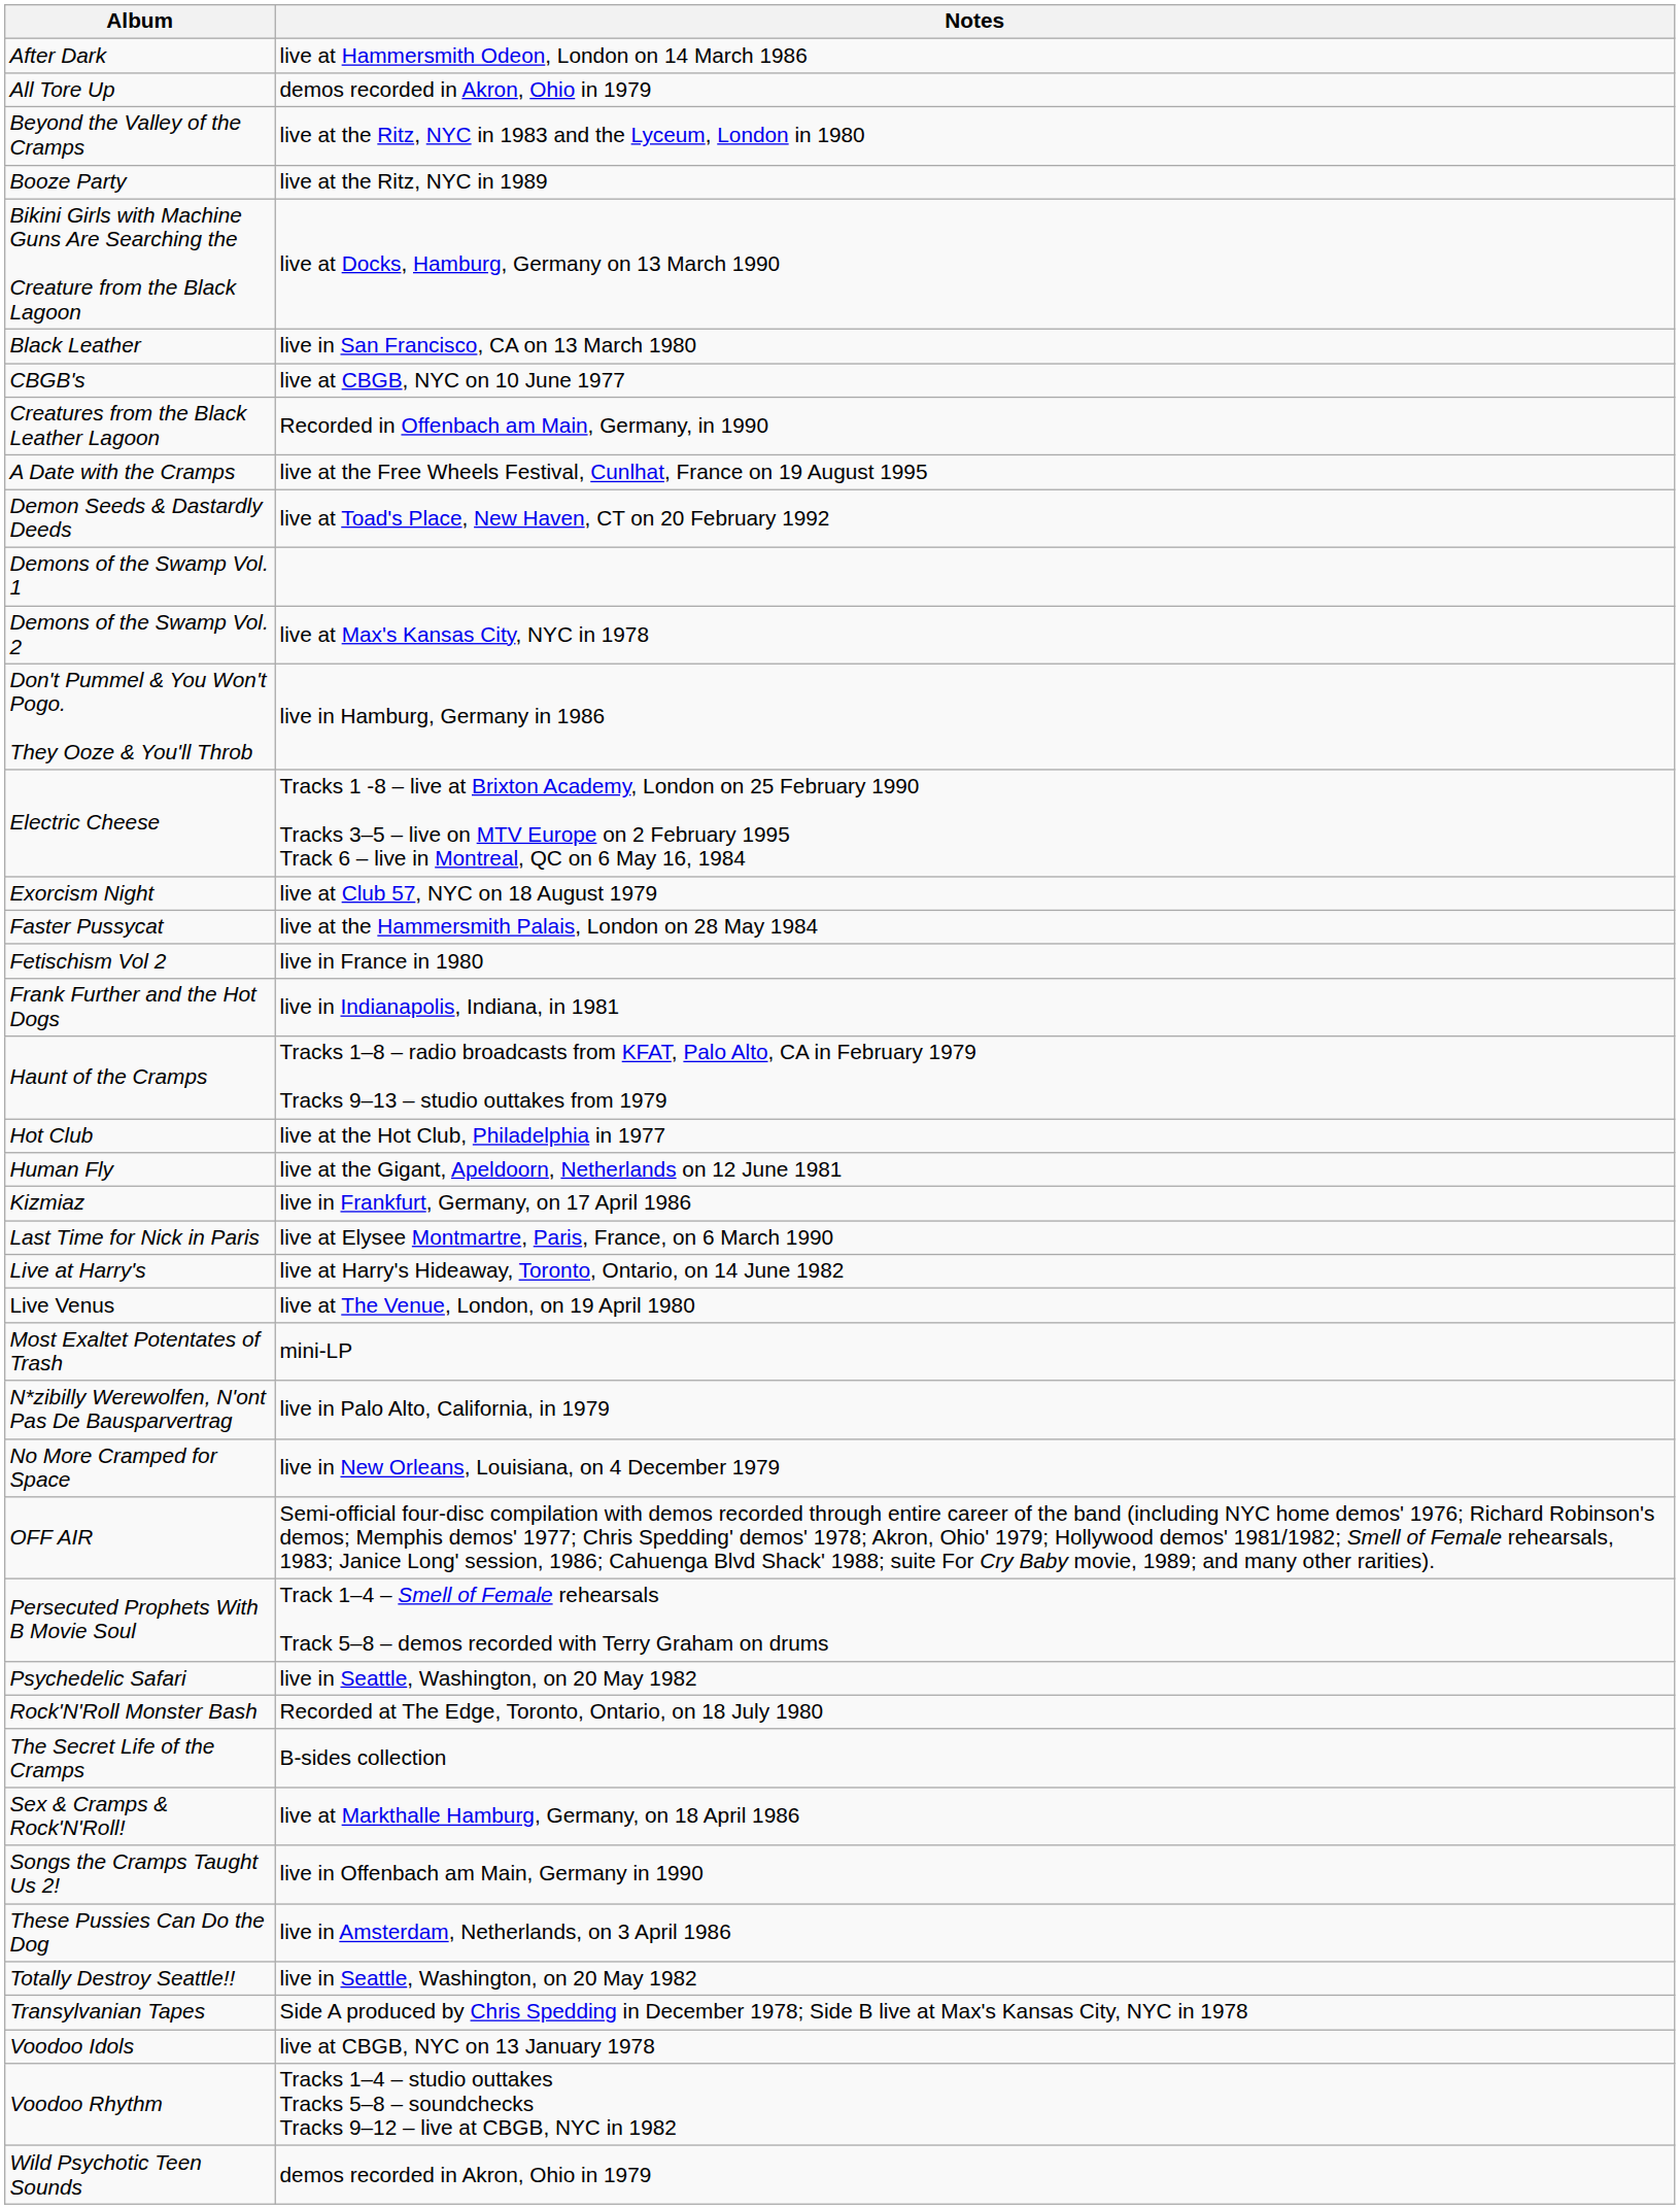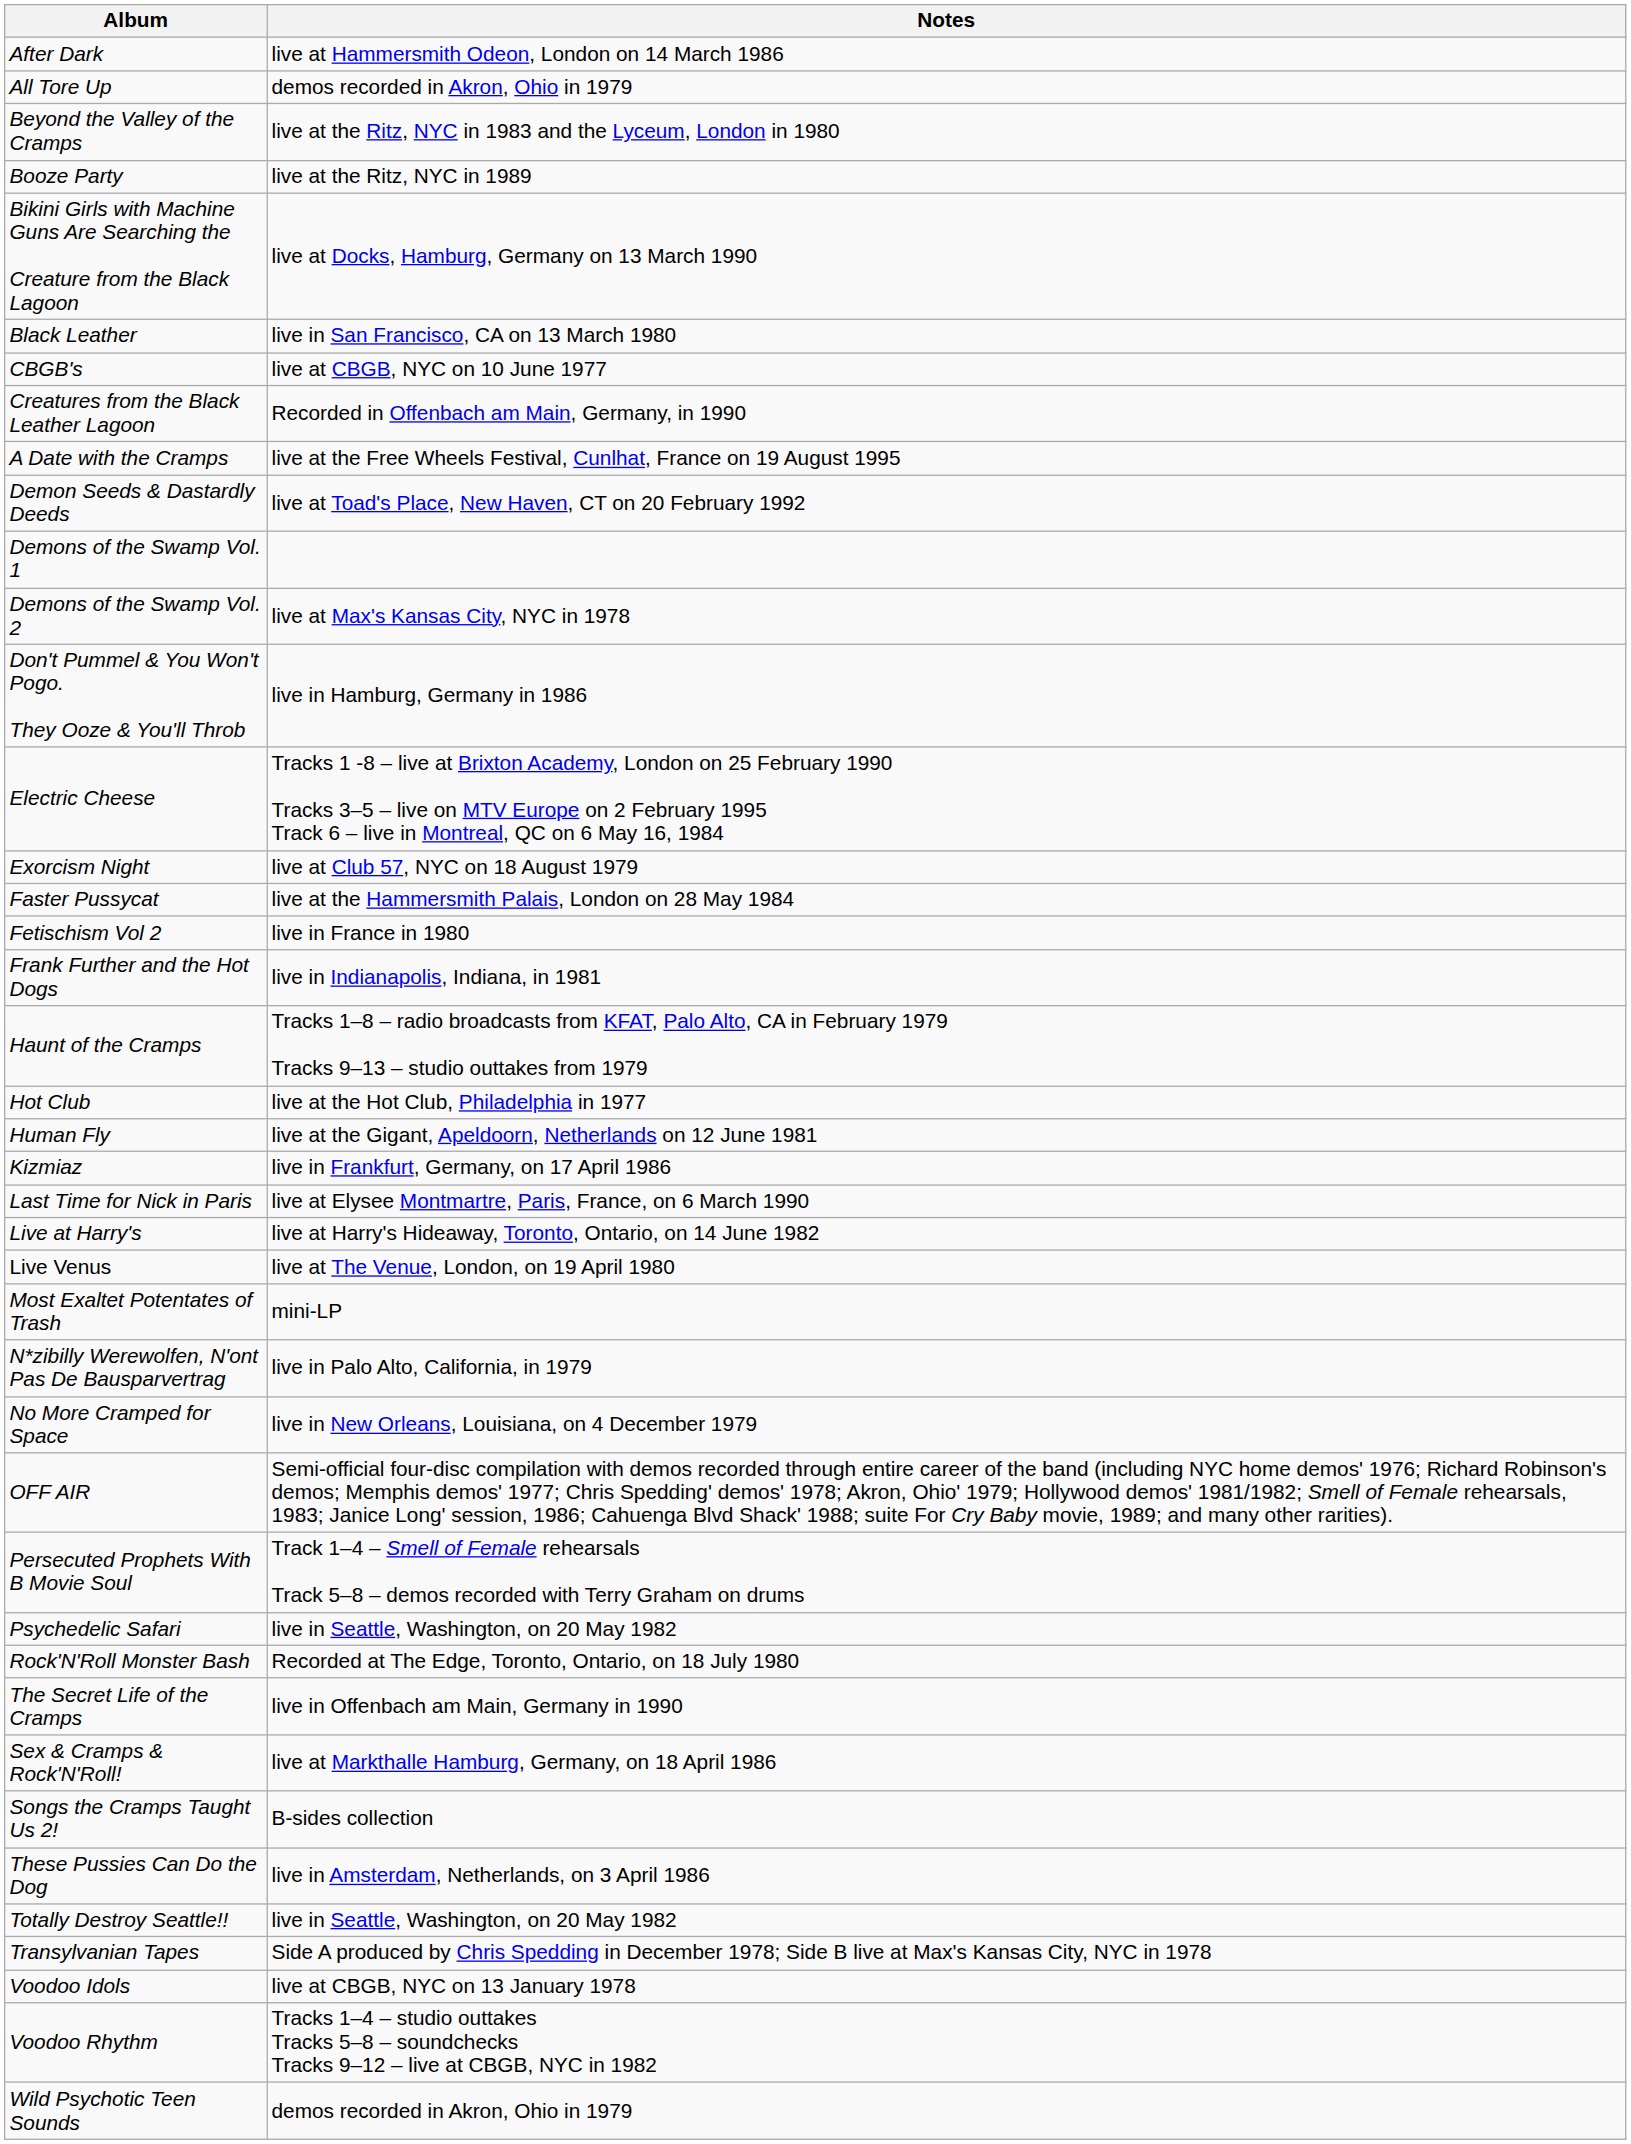 <table class="wikitable" border="1">
 <tr>
 <th>Album</th>
 <th>Notes</th>
 </tr>
 <tr>
 <td><em>After Dark</em></td>
 <td>live at <a href='#'>Hammersmith Odeon</a>, London on 14 March 1986</td>
 </tr>
 <tr>
 <td><em>All Tore Up</em></td>
 <td>demos recorded in <a href='#'>Akron</a>, <a href='#'>Ohio</a> in 1979</td>
 </tr>
 <tr>
 <td><em>Beyond the Valley of the Cramps</em></td>
 <td>live at the <a href='#'>Ritz</a>, <a href='#'>NYC</a> in 1983 and the <a href='#'>Lyceum</a>, <a href='#'>London</a> in 1980</td>
 </tr>
 <tr>
 <td><em>Booze Party</em></td>
 <td>live at the Ritz, NYC in 1989</td>
 </tr>
 <tr>
 <td><em>Bikini Girls with Machine Guns Are Searching the</em><br><br><em>Creature from the Black Lagoon</em></td>
 <td>live at <a href='#'>Docks</a>, <a href='#'>Hamburg</a>, Germany on 13 March 1990</td>
 </tr>
 <tr>
 <td><em>Black Leather</em></td>
 <td>live in <a href='#'>San Francisco</a>, CA on 13 March 1980</td>
 </tr>
 <tr>
 <td><em>CBGB's</em></td>
 <td>live at <a href='#'>CBGB</a>, NYC on 10 June 1977</td>
 </tr>
 <tr>
 <td><em>Creatures from the Black Leather Lagoon</em></td>
 <td>Recorded in <a href='#'>Offenbach am Main</a>, Germany, in 1990</td>
 </tr>
 <tr>
 <td><em>A Date with the Cramps</em></td>
 <td>live at the Free Wheels Festival, <a href='#'>Cunlhat</a>, France on 19 August 1995</td>
 </tr>
 <tr>
 <td><em>Demon Seeds & Dastardly Deeds</em></td>
 <td>live at <a href='#'>Toad's Place</a>, <a href='#'>New Haven</a>, CT on 20 February 1992</td>
 </tr>
 <tr>
 <td><em>Demons of the Swamp Vol. 1</em></td>
 <td></td>
 </tr>
 <tr>
 <td><em>Demons of the Swamp Vol. 2</em></td>
 <td>live at <a href='#'>Max's Kansas City</a>, NYC in 1978</td>
 </tr>
 <tr>
 <td><em>Don't Pummel & You Won't Pogo.</em><br><br><em>They Ooze & You'll Throb</em></td>
 <td>live in Hamburg, Germany in 1986</td>
 </tr>
 <tr>
 <td><em>Electric Cheese</em></td>
 <td>Tracks 1 -8 – live at <a href='#'>Brixton Academy</a>, London on 25 February 1990<br><br>Tracks 3–5 – live on <a href='#'>MTV Europe</a> on 2 February 1995<br> Track 6 – live in <a href='#'>Montreal</a>, QC on 6 May 16, 1984</td>
 </tr>
 <tr>
 <td><em>Exorcism Night</em></td>
 <td>live at <a href='#'>Club 57</a>, NYC on 18 August 1979</td>
 </tr>
 <tr>
 <td><em>Faster Pussycat</em></td>
 <td>live at the <a href='#'>Hammersmith Palais</a>, London on 28 May 1984</td>
 </tr>
 <tr>
 <td><em>Fetischism Vol 2</em></td>
 <td>live in France in 1980</td>
 </tr>
 <tr>
 <td><em>Frank Further and the Hot Dogs</em></td>
 <td>live in <a href='#'>Indianapolis</a>, Indiana, in 1981</td>
 </tr>
 <tr>
 <td><em>Haunt of the Cramps</em></td>
 <td>Tracks 1–8 – radio broadcasts from <a href='#'>KFAT</a>, <a href='#'>Palo Alto</a>, CA in February 1979<br><br>Tracks 9–13 – studio outtakes from 1979</td>
 </tr>
 <tr>
 <td><em>Hot Club</em></td>
 <td>live at the Hot Club, <a href='#'>Philadelphia</a> in 1977</td>
 </tr>
 <tr>
 <td><em>Human Fly</em></td>
 <td>live at the Gigant, <a href='#'>Apeldoorn</a>, <a href='#'>Netherlands</a> on 12 June 1981</td>
 </tr>
 <tr>
 <td><em>Kizmiaz</em></td>
 <td>live in <a href='#'>Frankfurt</a>, Germany, on 17 April 1986</td>
 </tr>
 <tr>
 <td><em>Last Time for Nick in Paris</em></td>
 <td>live at Elysee <a href='#'>Montmartre</a>, <a href='#'>Paris</a>, France, on 6 March 1990</td>
 </tr>
 <tr>
 <td><em>Live at Harry's</em></td>
 <td>live at Harry's Hideaway, <a href='#'>Toronto</a>, Ontario, on 14 June 1982</td>
 </tr>
 <tr>
 <td>Live Venus</td>
 <td>live at <a href='#'>The Venue</a>, London, on 19 April 1980</td>
 </tr>
 <tr>
 <td><em>Most Exaltet Potentates of Trash</em></td>
 <td>mini-LP</td>
 </tr>
 <tr>
 <td><em>N*zibilly Werewolfen, N'ont Pas De Bausparvertrag</em></td>
 <td>live in Palo Alto, California, in 1979</td>
 </tr>
 <tr>
 <td><em>No More Cramped for Space</em></td>
 <td>live in <a href='#'>New Orleans</a>, Louisiana, on 4 December 1979</td>
 </tr>
 <tr>
 <td><em>OFF AIR</em></td>
 <td>Semi-official four-disc compilation with demos recorded through entire career of the band (including NYC home demos' 1976; Richard Robinson's demos; Memphis demos' 1977; Chris Spedding' demos' 1978; Akron, Ohio' 1979; Hollywood demos' 1981/1982; <em>Smell of Female</em> rehearsals, 1983; Janice Long' session, 1986; Cahuenga Blvd Shack' 1988; suite For <em>Cry Baby</em> movie, 1989; and many other rarities).</td>
 </tr>
 <tr>
 <td><em>Persecuted Prophets With B Movie Soul</em></td>
 <td>Track 1–4 – <em><a href='#'>Smell of Female</a></em> rehearsals<br><br>Track 5–8 – demos recorded with Terry Graham on drums</td>
 </tr>
 <tr>
 <td><em>Psychedelic Safari</em></td>
 <td>live in <a href='#'>Seattle</a>, Washington, on 20 May 1982</td>
 </tr>
 <tr>
 <td><em>Rock'N'Roll Monster Bash</em></td>
 <td>Recorded at The Edge, Toronto, Ontario, on 18 July 1980</td>
 </tr>
 <tr>
 <td><em>The Secret Life of the Cramps</em></td>
-<td>B-sides collection</td>
+<td>live in Offenbach am Main, Germany in 1990</td>
 </tr>
 <tr>
 <td><em>Sex & Cramps & Rock'N'Roll!</em></td>
 <td>live at <a href='#'>Markthalle Hamburg</a>, Germany, on 18 April 1986</td>
 </tr>
 <tr>
 <td><em>Songs the Cramps Taught Us 2!</em></td>
-<td>live in Offenbach am Main, Germany in 1990</td>
+<td>B-sides collection</td>
 </tr>
 <tr>
 <td><em>These Pussies Can Do the Dog</em></td>
 <td>live in <a href='#'>Amsterdam</a>, Netherlands, on 3 April 1986</td>
 </tr>
 <tr>
 <td><em>Totally Destroy Seattle!!</em></td>
 <td>live in <a href='#'>Seattle</a>, Washington, on 20 May 1982</td>
 </tr>
 <tr>
 <td><em>Transylvanian Tapes</em></td>
 <td>Side A produced by <a href='#'>Chris Spedding</a> in December 1978; Side B live at Max's Kansas City, NYC in 1978</td>
 </tr>
 <tr>
 <td><em>Voodoo Idols</em></td>
 <td>live at CBGB, NYC on 13 January 1978</td>
 </tr>
 <tr>
 <td><em>Voodoo Rhythm</em></td>
 <td>Tracks 1–4 – studio outtakes<br>Tracks 5–8 – soundchecks<br>Tracks 9–12 – live at CBGB, NYC in 1982</td>
 </tr>
 <tr>
 <td><em>Wild Psychotic Teen Sounds</em></td>
 <td>demos recorded in Akron, Ohio in 1979</td>
 </tr>
 </table>
